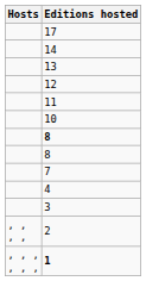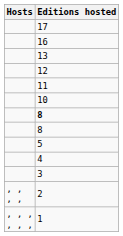 <table class="wikitable" style="font-size:90%;">
 <tr>
 <th>Hosts</th>
 <th>Editions hosted</th>
 </tr>
 <tr>
 <td></td>
 <td>17</td>
 </tr>
 <tr>
 <td></td>
-<td>14</td>
+<td>16</td>
 </tr>
 <tr>
 <td></td>
 <td>13</td>
 </tr>
 <tr>
 <td></td>
 <td>12</td>
 </tr>
 <tr>
 <td></td>
 <td>11</td>
 </tr>
 <tr>
 <td></td>
 <td>10</td>
 </tr>
 <tr>
 <td></td>
 <td><strong>8</strong></td>
 </tr>
 <tr>
 <td></td>
 <td>8</td>
 </tr>
 <tr>
 <td></td>
-<td>7</td>
+<td>5</td>
 </tr>
 <tr>
 <td></td>
 <td>4</td>
 </tr>
 <tr>
 <td></td>
 <td>3</td>
 </tr>
 <tr>
 <td>, ,<br> , , </td>
 <td>2</td>
 </tr>
 <tr>
 <td>, , ,<br> , , , </td>
-<td><strong>1</strong></td>
+<td>1</td>
 </tr>
 </table>
